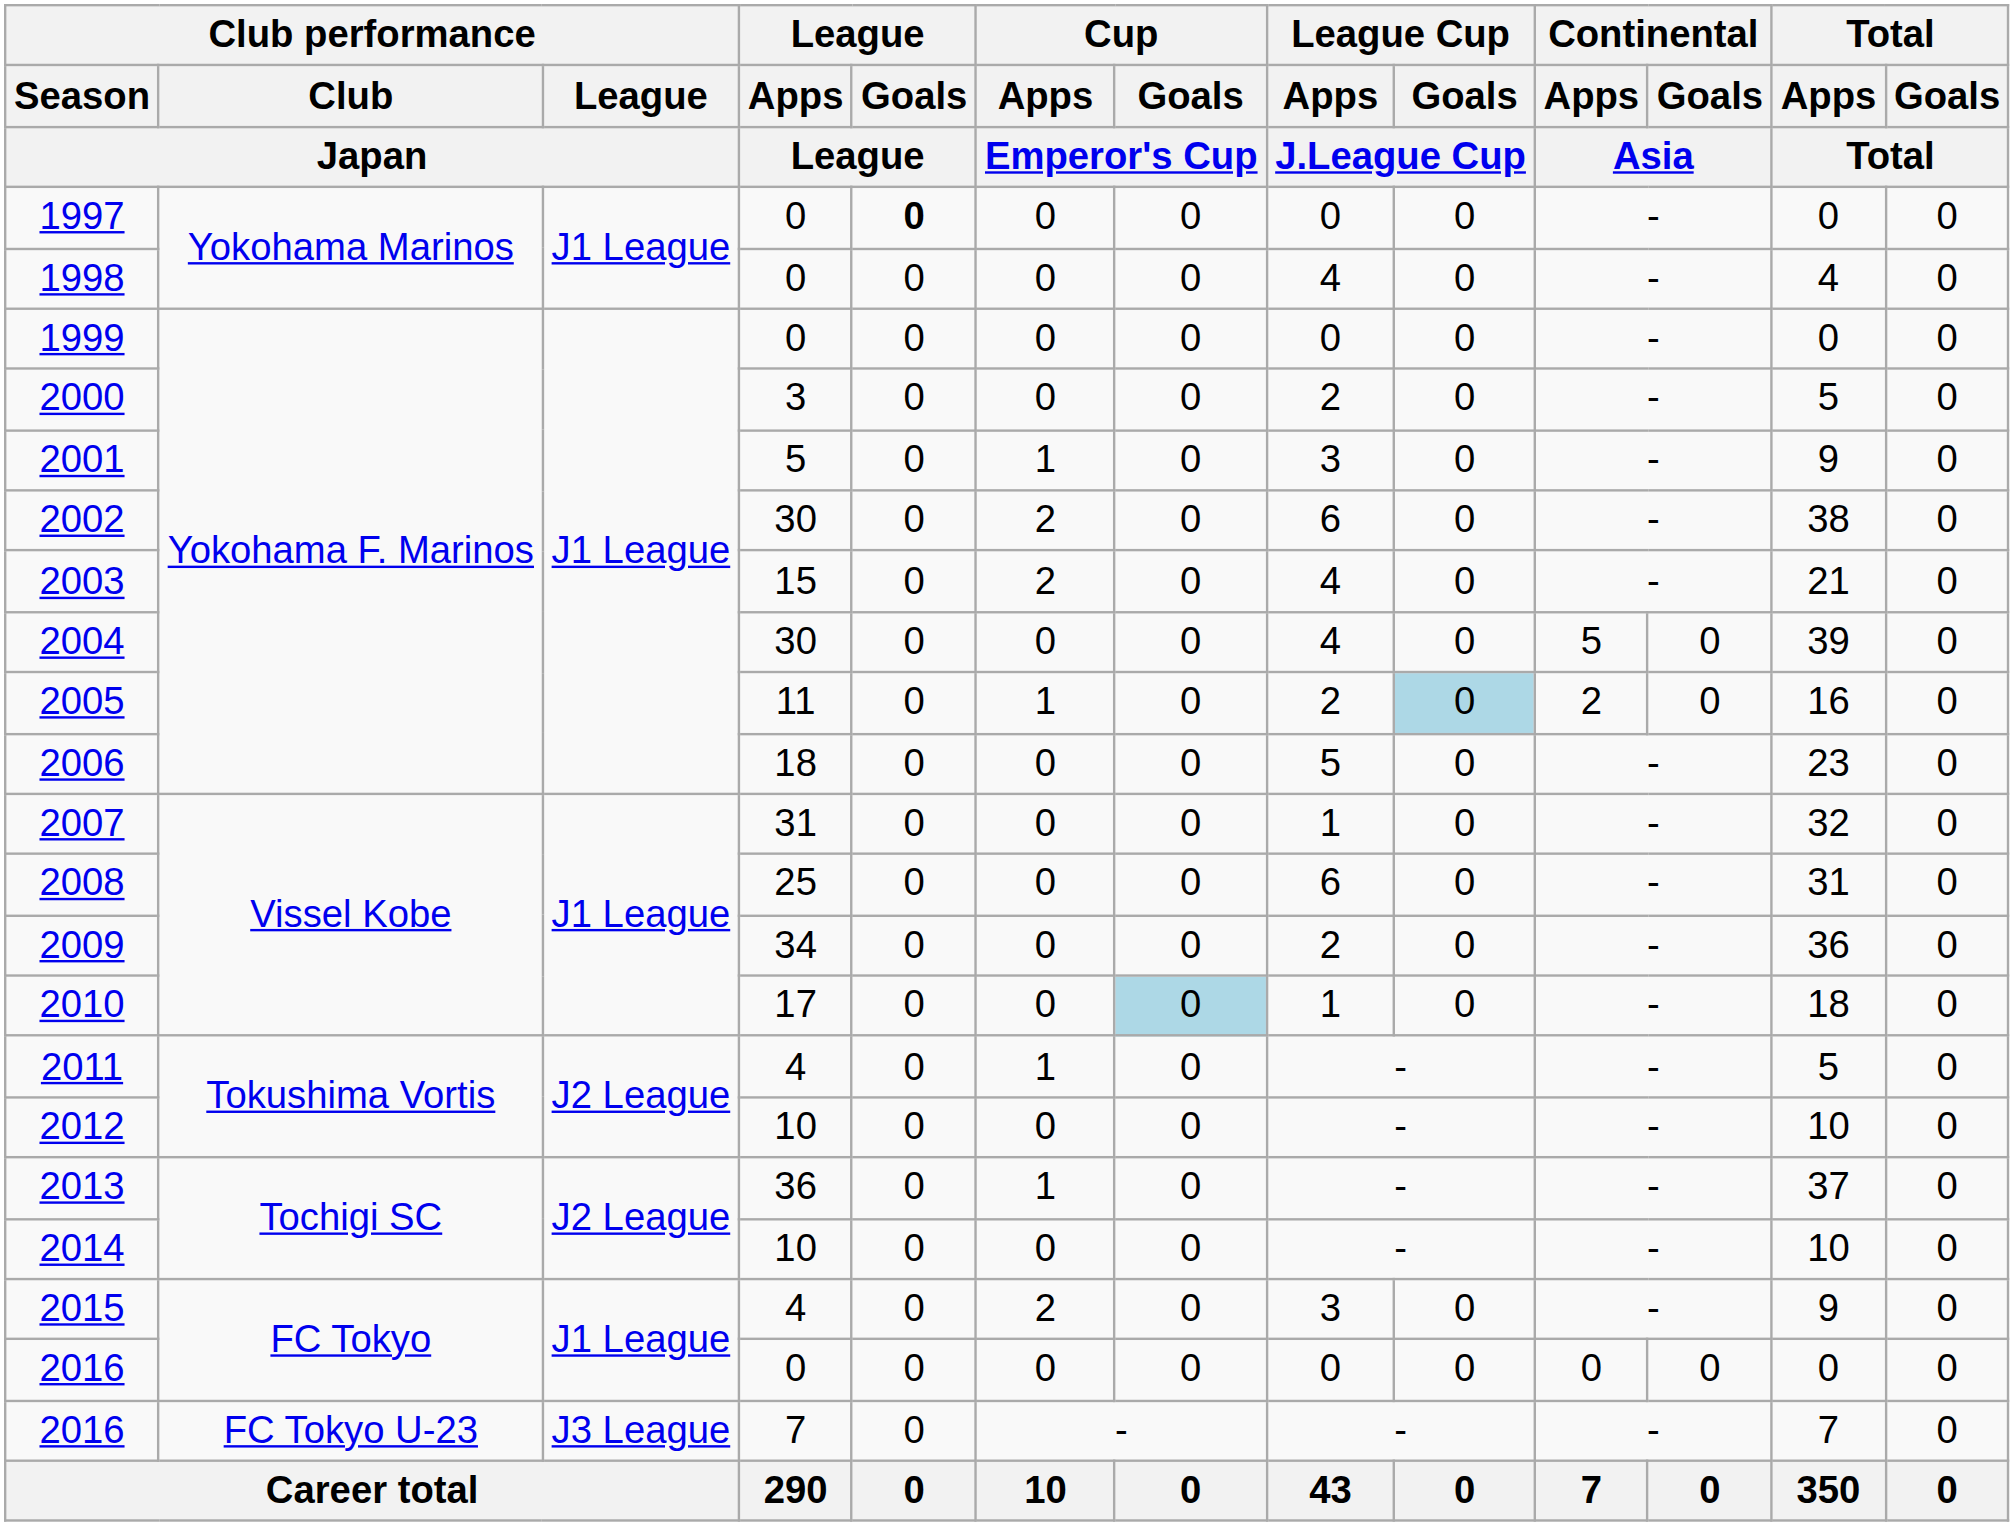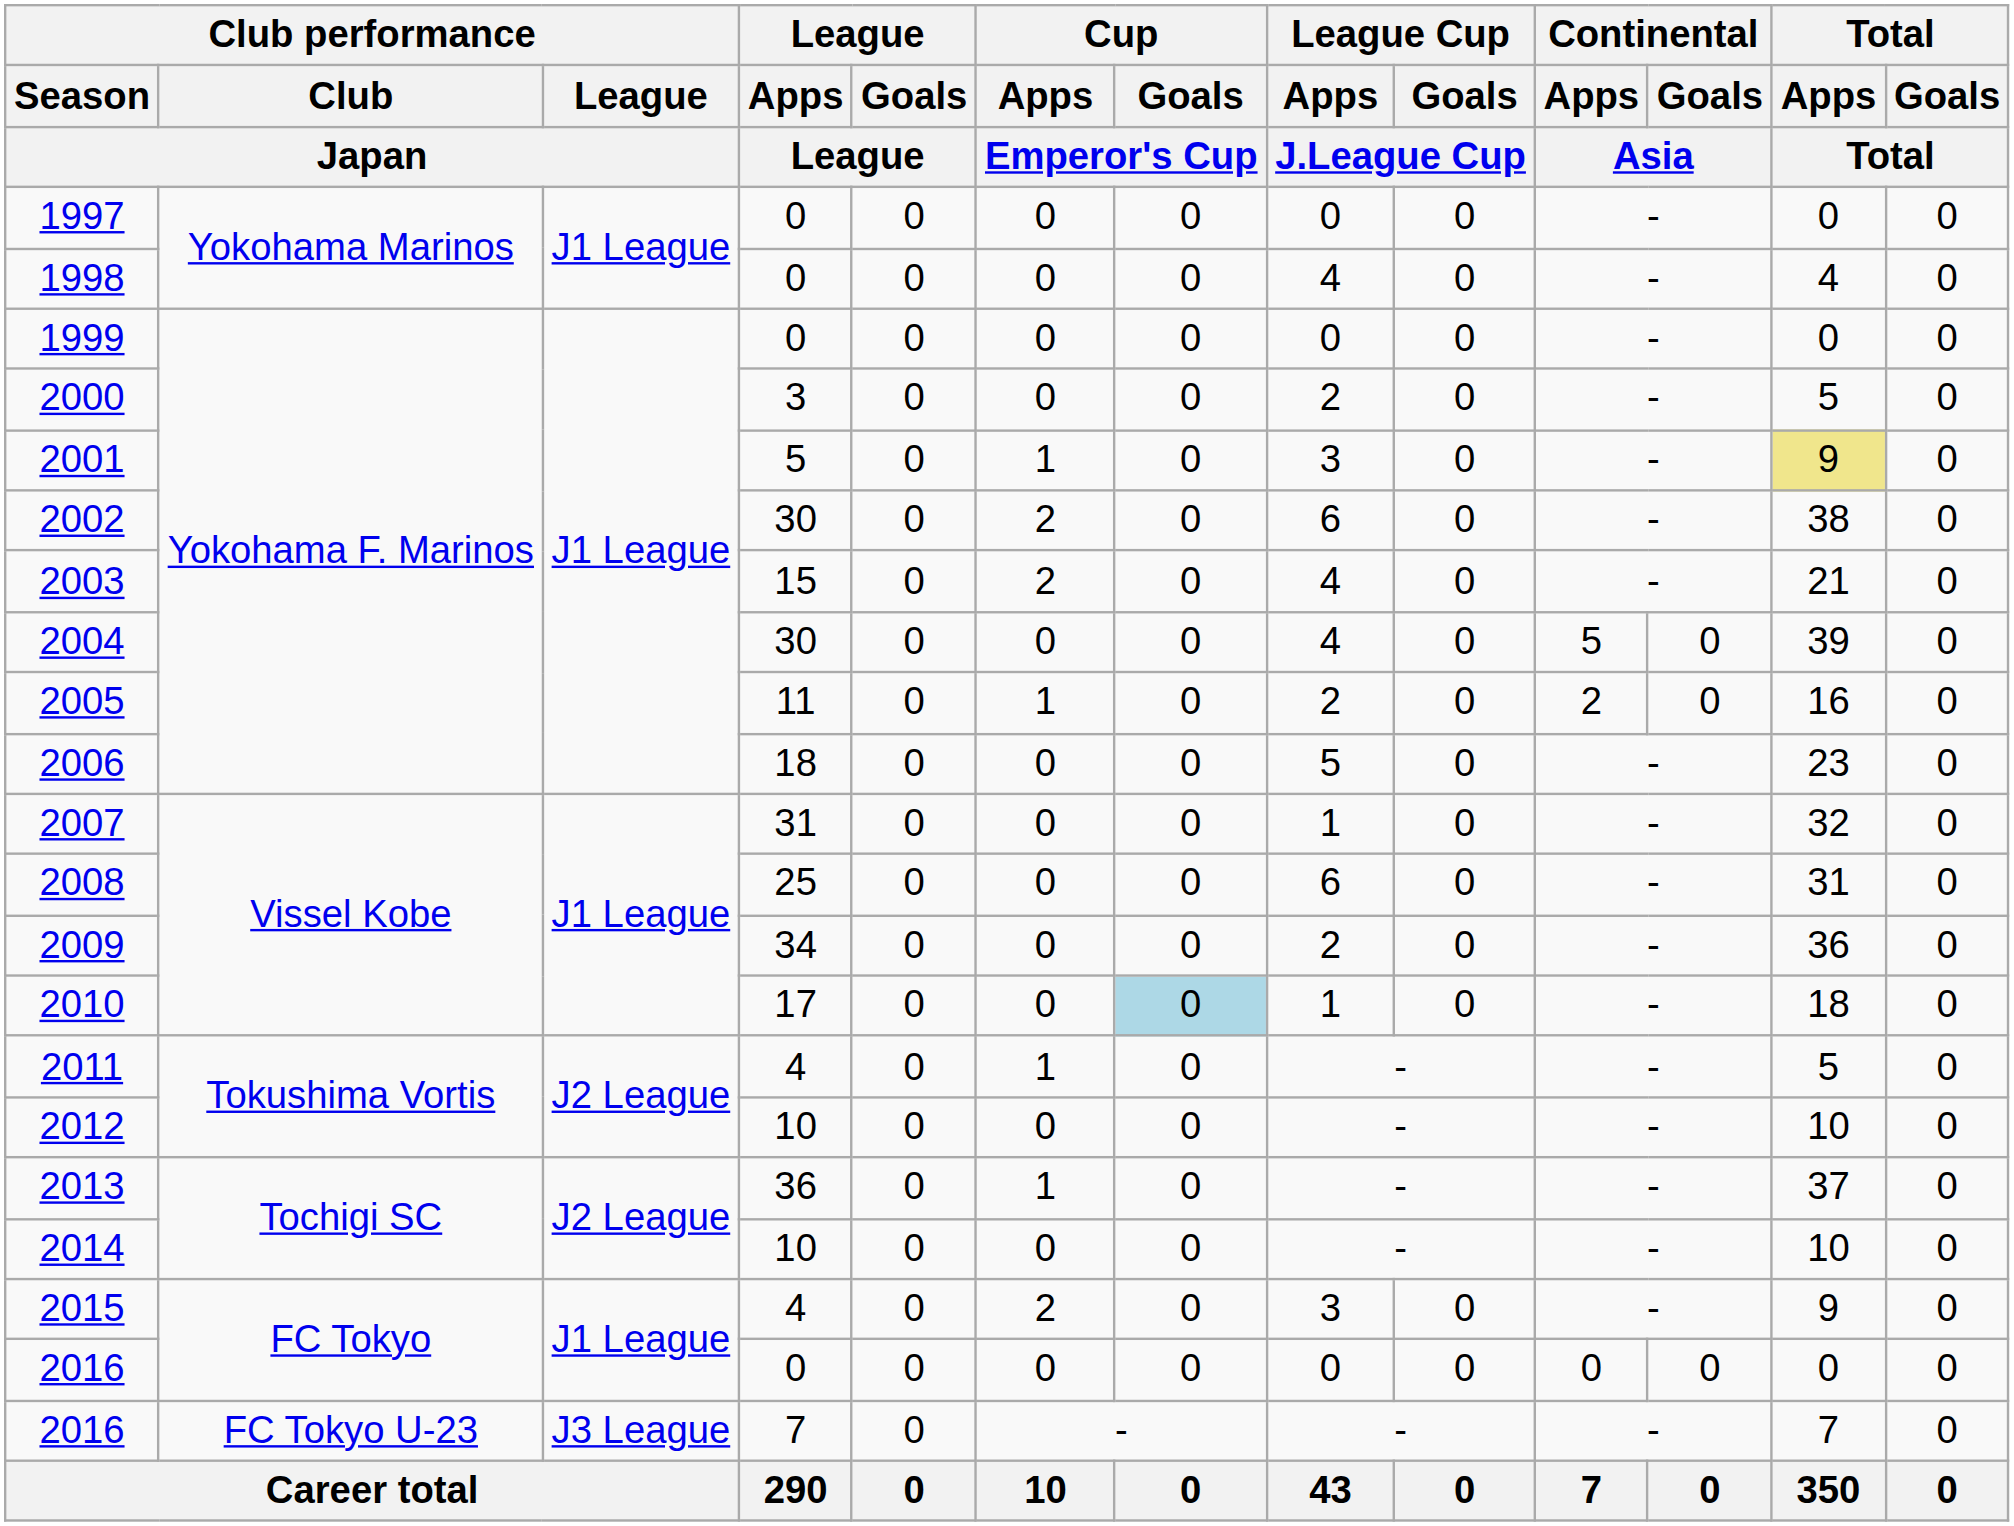 <table class="wikitable" style="text-align:center">
 <tr>
 <th colspan=3>Club performance</th>
 <th colspan=2>League</th>
 <th colspan=2>Cup</th>
 <th colspan=2>League Cup</th>
 <th colspan=2>Continental</th>
 <th colspan=2>Total</th>
 </tr>
 <tr>
 <th>Season</th>
 <th>Club</th>
 <th>League</th>
 <th>Apps</th>
 <th>Goals</th>
 <th>Apps</th>
 <th>Goals</th>
 <th>Apps</th>
 <th>Goals</th>
 <th>Apps</th>
 <th>Goals</th>
 <th>Apps</th>
 <th>Goals</th>
 </tr>
 <tr>
 <th colspan=3>Japan</th>
 <th colspan=2>League</th>
 <th colspan=2><a href='#'>Emperor's Cup</a></th>
 <th colspan=2><a href='#'>J.League Cup</a></th>
 <th colspan=2><a href='#'>Asia</a></th>
 <th colspan=2>Total</th>
 </tr>
 <tr>
 <td><a href='#'>1997</a></td>
 <td rowspan="2"><a href='#'>Yokohama Marinos</a></td>
 <td rowspan="2"><a href='#'>J1 League</a></td>
 <td>0</td>
-<td><strong>0</strong></td>
+<td>0</td>
 <td>0</td>
 <td>0</td>
 <td>0</td>
 <td>0</td>
 <td colspan="2">-</td>
 <td>0</td>
 <td>0</td>
 </tr>
 <tr>
 <td><a href='#'>1998</a></td>
 <td>0</td>
 <td>0</td>
 <td>0</td>
 <td>0</td>
 <td>4</td>
 <td>0</td>
 <td colspan="2">-</td>
 <td>4</td>
 <td>0</td>
 </tr>
 <tr>
 <td><a href='#'>1999</a></td>
 <td rowspan="8"><a href='#'>Yokohama F. Marinos</a></td>
 <td rowspan="8"><a href='#'>J1 League</a></td>
 <td>0</td>
 <td>0</td>
 <td>0</td>
 <td>0</td>
 <td>0</td>
 <td>0</td>
 <td colspan="2">-</td>
 <td>0</td>
 <td>0</td>
 </tr>
 <tr>
 <td><a href='#'>2000</a></td>
 <td>3</td>
 <td>0</td>
 <td>0</td>
 <td>0</td>
 <td>2</td>
 <td>0</td>
 <td colspan="2">-</td>
 <td>5</td>
 <td>0</td>
 </tr>
 <tr>
 <td><a href='#'>2001</a></td>
 <td>5</td>
 <td>0</td>
 <td>1</td>
 <td>0</td>
 <td>3</td>
 <td>0</td>
 <td colspan="2">-</td>
-<td>9</td>
+<td style="background: khaki;">9</td>
 <td>0</td>
 </tr>
 <tr>
 <td><a href='#'>2002</a></td>
 <td>30</td>
 <td>0</td>
 <td>2</td>
 <td>0</td>
 <td>6</td>
 <td>0</td>
 <td colspan="2">-</td>
 <td>38</td>
 <td>0</td>
 </tr>
 <tr>
 <td><a href='#'>2003</a></td>
 <td>15</td>
 <td>0</td>
 <td>2</td>
 <td>0</td>
 <td>4</td>
 <td>0</td>
 <td colspan="2">-</td>
 <td>21</td>
 <td>0</td>
 </tr>
 <tr>
 <td><a href='#'>2004</a></td>
 <td>30</td>
 <td>0</td>
 <td>0</td>
 <td>0</td>
 <td>4</td>
 <td>0</td>
 <td>5</td>
 <td>0</td>
 <td>39</td>
 <td>0</td>
 </tr>
 <tr>
 <td><a href='#'>2005</a></td>
 <td>11</td>
 <td>0</td>
 <td>1</td>
 <td>0</td>
 <td>2</td>
-<td style="background: lightblue;">0</td>
+<td>0</td>
 <td>2</td>
 <td>0</td>
 <td>16</td>
 <td>0</td>
 </tr>
 <tr>
 <td><a href='#'>2006</a></td>
 <td>18</td>
 <td>0</td>
 <td>0</td>
 <td>0</td>
 <td>5</td>
 <td>0</td>
 <td colspan="2">-</td>
 <td>23</td>
 <td>0</td>
 </tr>
 <tr>
 <td><a href='#'>2007</a></td>
 <td rowspan="4"><a href='#'>Vissel Kobe</a></td>
 <td rowspan="4"><a href='#'>J1 League</a></td>
 <td>31</td>
 <td>0</td>
 <td>0</td>
 <td>0</td>
 <td>1</td>
 <td>0</td>
 <td colspan="2">-</td>
 <td>32</td>
 <td>0</td>
 </tr>
 <tr>
 <td><a href='#'>2008</a></td>
 <td>25</td>
 <td>0</td>
 <td>0</td>
 <td>0</td>
 <td>6</td>
 <td>0</td>
 <td colspan="2">-</td>
 <td>31</td>
 <td>0</td>
 </tr>
 <tr>
 <td><a href='#'>2009</a></td>
 <td>34</td>
 <td>0</td>
 <td>0</td>
 <td>0</td>
 <td>2</td>
 <td>0</td>
 <td colspan="2">-</td>
 <td>36</td>
 <td>0</td>
 </tr>
 <tr>
 <td><a href='#'>2010</a></td>
 <td>17</td>
 <td>0</td>
 <td>0</td>
 <td style="background: lightblue;">0</td>
 <td>1</td>
 <td>0</td>
 <td colspan="2">-</td>
 <td>18</td>
 <td>0</td>
 </tr>
 <tr>
 <td><a href='#'>2011</a></td>
 <td rowspan="2"><a href='#'>Tokushima Vortis</a></td>
 <td rowspan="2"><a href='#'>J2 League</a></td>
 <td>4</td>
 <td>0</td>
 <td>1</td>
 <td>0</td>
 <td colspan="2">-</td>
 <td colspan="2">-</td>
 <td>5</td>
 <td>0</td>
 </tr>
 <tr>
 <td><a href='#'>2012</a></td>
 <td>10</td>
 <td>0</td>
 <td>0</td>
 <td>0</td>
 <td colspan="2">-</td>
 <td colspan="2">-</td>
 <td>10</td>
 <td>0</td>
 </tr>
 <tr>
 <td><a href='#'>2013</a></td>
 <td rowspan="2"><a href='#'>Tochigi SC</a></td>
 <td rowspan="2"><a href='#'>J2 League</a></td>
 <td>36</td>
 <td>0</td>
 <td>1</td>
 <td>0</td>
 <td colspan="2">-</td>
 <td colspan="2">-</td>
 <td>37</td>
 <td>0</td>
 </tr>
 <tr>
 <td><a href='#'>2014</a></td>
 <td>10</td>
 <td>0</td>
 <td>0</td>
 <td>0</td>
 <td colspan="2">-</td>
 <td colspan="2">-</td>
 <td>10</td>
 <td>0</td>
 </tr>
 <tr>
 <td><a href='#'>2015</a></td>
 <td rowspan="2"><a href='#'>FC Tokyo</a></td>
 <td rowspan="2"><a href='#'>J1 League</a></td>
 <td>4</td>
 <td>0</td>
 <td>2</td>
 <td>0</td>
 <td>3</td>
 <td>0</td>
 <td colspan="2">-</td>
 <td>9</td>
 <td>0</td>
 </tr>
 <tr>
 <td><a href='#'>2016</a></td>
 <td>0</td>
 <td>0</td>
 <td>0</td>
 <td>0</td>
 <td>0</td>
 <td>0</td>
 <td>0</td>
 <td>0</td>
 <td>0</td>
 <td>0</td>
 </tr>
 <tr>
 <td><a href='#'>2016</a></td>
 <td><a href='#'>FC Tokyo U-23</a></td>
 <td><a href='#'>J3 League</a></td>
 <td>7</td>
 <td>0</td>
 <td colspan="2">-</td>
 <td colspan="2">-</td>
 <td colspan="2">-</td>
 <td>7</td>
 <td>0</td>
 </tr>
 <tr>
 <th colspan=3>Career total</th>
 <th>290</th>
 <th>0</th>
 <th>10</th>
 <th>0</th>
 <th>43</th>
 <th>0</th>
 <th>7</th>
 <th>0</th>
 <th>350</th>
 <th>0</th>
 </tr>
 </table>
